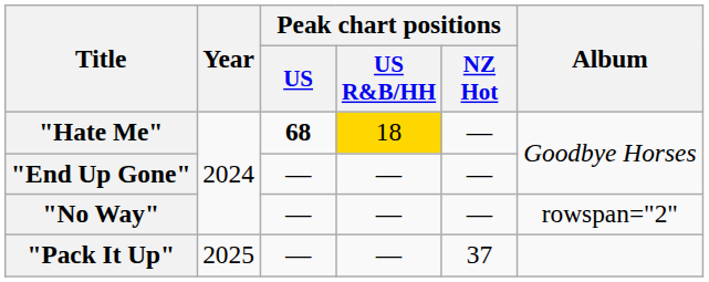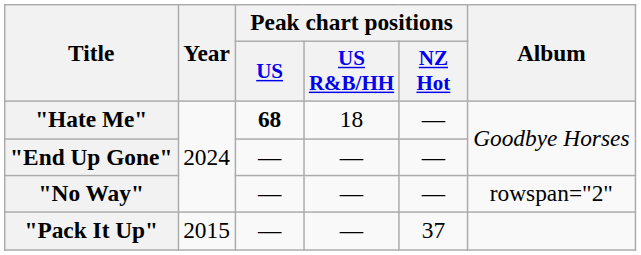 <table class="wikitable plainrowheaders" style="text-align:center">
 <tr>
 <th scope="col" rowspan="2">Title</th>
 <th scope="col" rowspan="2">Year</th>
 <th scope="col" colspan="3">Peak chart positions</th>
 <th scope="col" rowspan="2">Album</th>
 </tr>
 <tr>
 <th scope="col" style="width:2.8em;font-size:90%;"><a href='#'>US</a><br></th>
 <th scope="col" style="width:2.8em;font-size:90%;"><a href='#'>US<br>R&B/HH</a><br></th>
 <th scope="col" style="width:2.8em;font-size:90%;"><a href='#'>NZ<br>Hot</a><br></th>
 </tr>
 <tr>
 <th scope="row">"Hate Me"<br></th>
 <td rowspan="3">2024</td>
 <td><strong>68</strong></td>
-<td style="background: gold;">18</td>
+<td>18</td>
 <td>—</td>
 <td rowspan="2"><em>Goodbye Horses</em></td>
 </tr>
 <tr>
 <th scope="row">"End Up Gone"</th>
 <td>—</td>
 <td>—</td>
 <td>—</td>
 </tr>
 <tr>
 <th scope="row">"No Way"</th>
 <td>—</td>
 <td>—</td>
 <td>—</td>
 <td>rowspan="2" </td>
 </tr>
 <tr>
 <th scope="row">"Pack It Up"</th>
-<td>2025</td>
+<td>2015</td>
 <td>—</td>
 <td>—</td>
 <td>37</td>
 </tr>
 </table>
